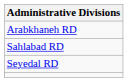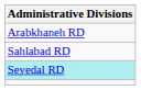 <table class="wikitable">
 <tr>
 <th>Administrative Divisions</th>
 </tr>
 <tr>
 <td><a href='#'>Arabkhaneh RD</a></td>
 </tr>
 <tr>
 <td><a href='#'>Sahlabad RD</a></td>
 </tr>
 <tr>
-<td><a href='#'>Seyedal RD</a></td>
+<td style="background: paleturquoise;"><a href='#'>Seyedal RD</a></td>
 </tr>
 <tr>
 <td colspan=1></td>
 </tr>
 </table>
